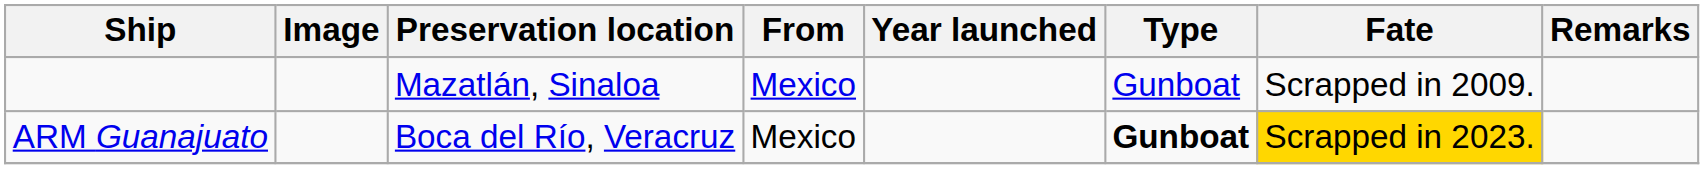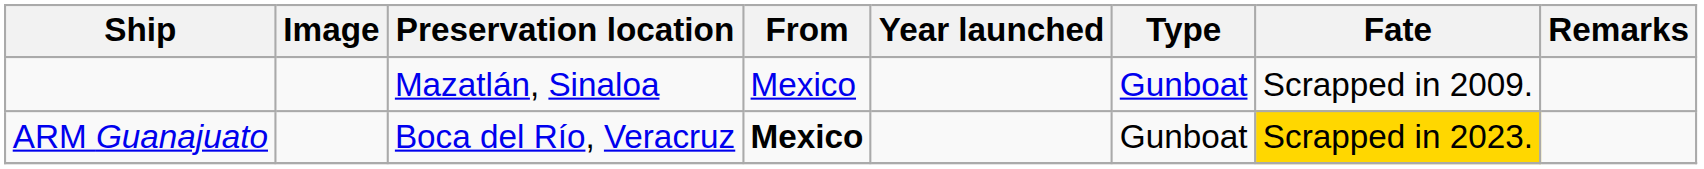 <table class="wikitable sortable">
 <tr>
 <th>Ship</th>
 <th>Image</th>
 <th>Preservation location</th>
 <th>From</th>
 <th>Year launched</th>
 <th>Type</th>
 <th>Fate</th>
 <th>Remarks</th>
 </tr>
 <tr>
 <td></td>
 <td></td>
 <td><a href='#'>Mazatlán</a>, <a href='#'>Sinaloa</a></td>
 <td> <a href='#'>Mexico</a></td>
 <td></td>
 <td><a href='#'>Gunboat</a></td>
 <td>Scrapped in 2009.</td>
 <td></td>
 </tr>
 <tr>
 <td><a href='#'>ARM <em>Guanajuato</em></a></td>
 <td></td>
 <td><a href='#'>Boca del Río</a>, <a href='#'>Veracruz</a><br></td>
-<td> Mexico</td>
+<td><strong> Mexico</strong></td>
 <td></td>
-<td><strong>Gunboat</strong></td>
+<td>Gunboat</td>
 <td style="background: gold;">Scrapped in 2023.</td>
 <td></td>
 </tr>
 <tr>
 </tr>
 </table>
